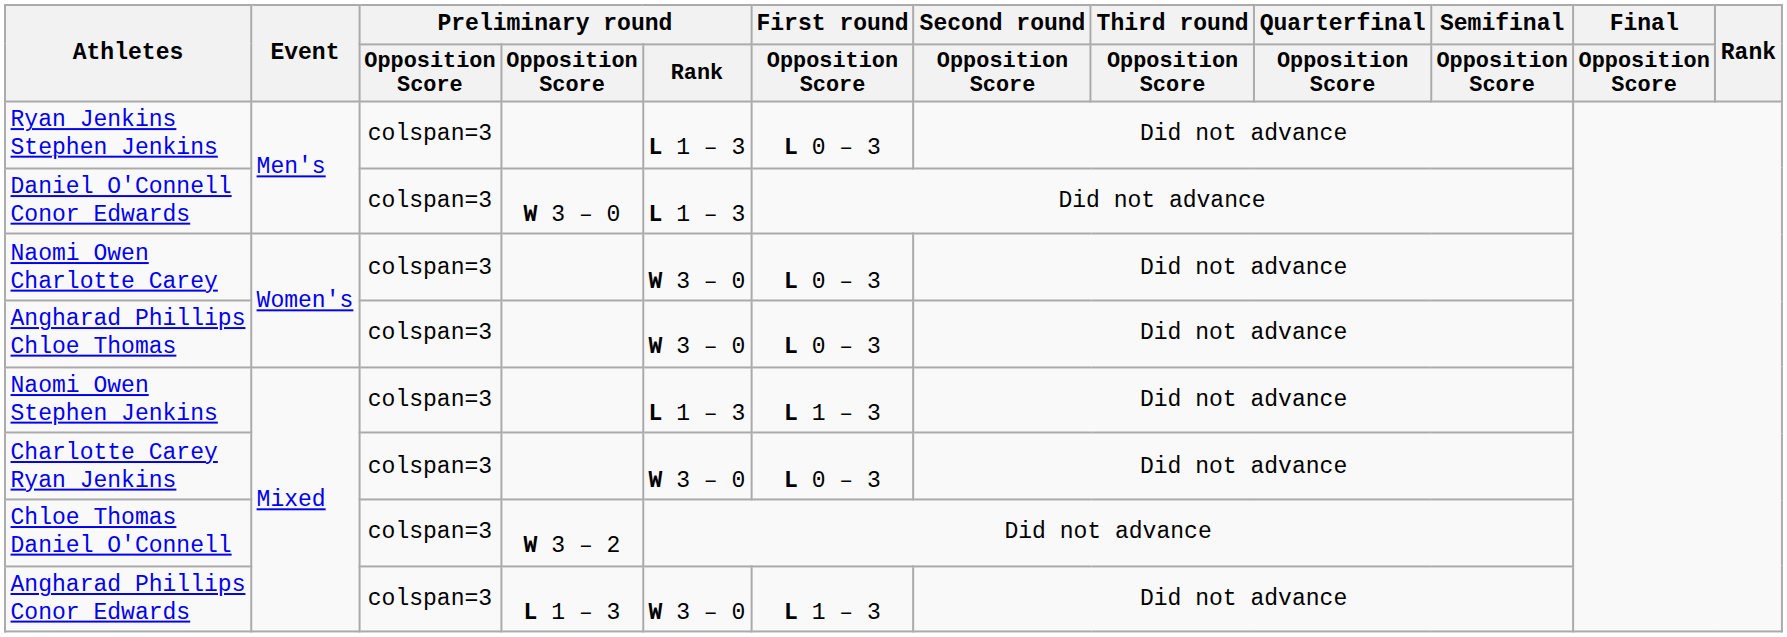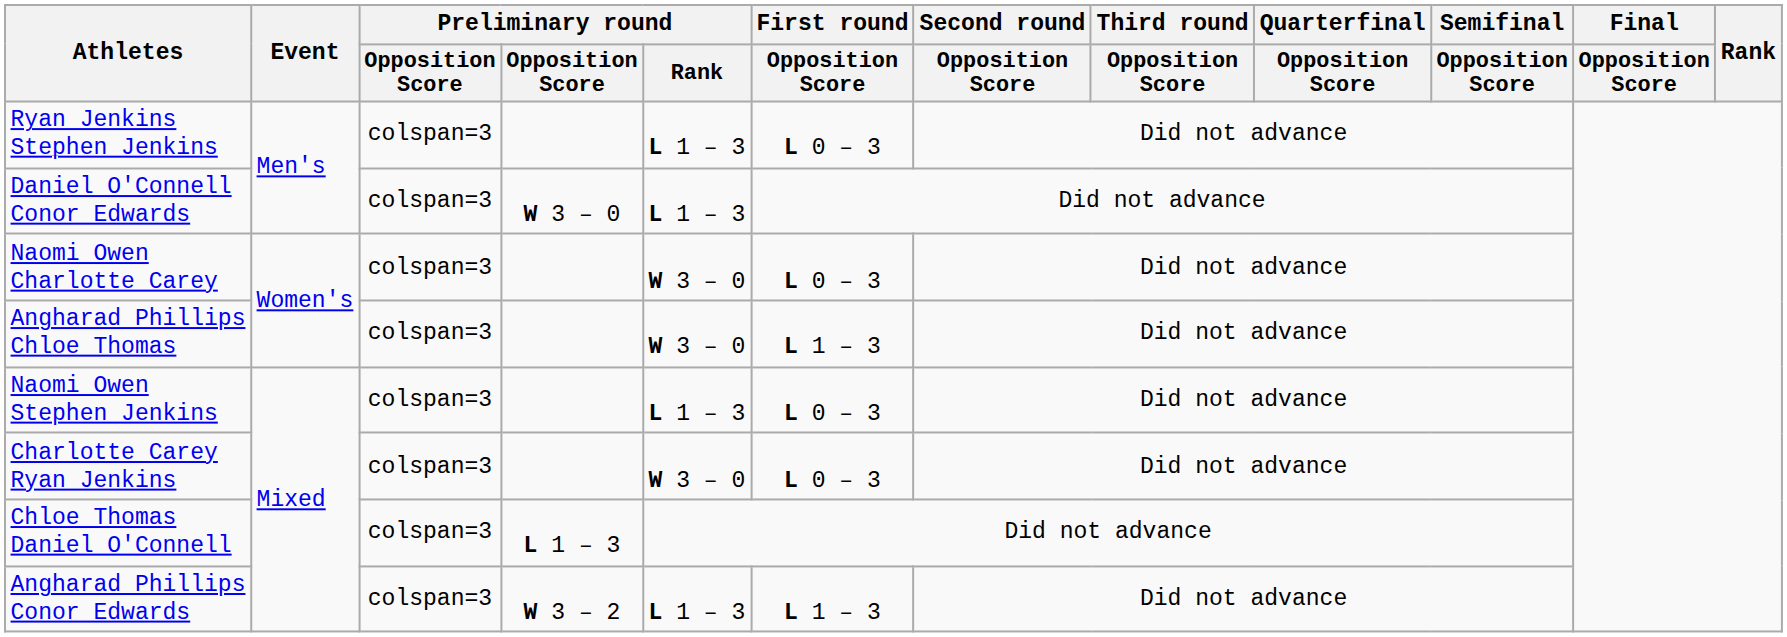 <table class="wikitable" style="font-size:90%">
 <tr>
 <th rowspan=2>Athletes</th>
 <th rowspan=2>Event</th>
 <th colspan=3>Preliminary round</th>
 <th>First round</th>
 <th>Second round</th>
 <th>Third round</th>
 <th>Quarterfinal</th>
 <th>Semifinal</th>
 <th>Final</th>
 <th rowspan=2>Rank</th>
 </tr>
 <tr style="font-size:95%">
 <th>Opposition<br>Score</th>
 <th>Opposition<br>Score</th>
 <th>Rank</th>
 <th>Opposition<br>Score</th>
 <th>Opposition<br>Score</th>
 <th>Opposition<br>Score</th>
 <th>Opposition<br>Score</th>
 <th>Opposition<br>Score</th>
 <th>Opposition<br>Score</th>
 </tr>
 <tr align=center>
 <td align=left><a href='#'>Ryan Jenkins</a><br><a href='#'>Stephen Jenkins</a></td>
 <td align=left rowspan=2><a href='#'>Men's</a></td>
 <td>colspan=3 </td>
 <td></td>
 <td><br><strong>L</strong> 1 – 3</td>
 <td><br><strong>L</strong> 0 – 3</td>
 <td colspan=4>Did not advance</td>
 </tr>
 <tr align=center>
 <td align=left><a href='#'>Daniel O'Connell</a><br><a href='#'>Conor Edwards</a></td>
 <td>colspan=3 </td>
 <td><br><strong>W</strong> 3 – 0</td>
 <td><br><strong>L</strong> 1 – 3</td>
 <td colspan=5>Did not advance</td>
 </tr>
 <tr align=center>
 <td align=left><a href='#'>Naomi Owen</a><br><a href='#'>Charlotte Carey</a></td>
 <td align=left rowspan=2><a href='#'>Women's</a></td>
 <td>colspan=3 </td>
 <td></td>
 <td><br><strong>W</strong> 3 – 0</td>
 <td><br><strong>L</strong> 0 – 3</td>
 <td colspan=4>Did not advance</td>
 </tr>
 <tr align=center>
 <td align=left><a href='#'>Angharad Phillips</a><br><a href='#'>Chloe Thomas</a></td>
 <td>colspan=3 </td>
 <td></td>
 <td><br><strong>W</strong> 3 – 0</td>
-<td><br><strong>L</strong> 0 – 3</td>
+<td><br><strong>L</strong> 1 – 3</td>
 <td colspan=4>Did not advance</td>
 </tr>
 <tr align=center>
 <td align=left><a href='#'>Naomi Owen</a><br><a href='#'>Stephen Jenkins</a></td>
 <td align=left rowspan=4><a href='#'>Mixed</a></td>
 <td>colspan=3 </td>
 <td></td>
 <td><br><strong>L</strong> 1 – 3</td>
-<td><br><strong>L</strong> 1 – 3</td>
+<td><br><strong>L</strong> 0 – 3</td>
 <td colspan=4>Did not advance</td>
 </tr>
 <tr align=center>
 <td align=left><a href='#'>Charlotte Carey</a><br><a href='#'>Ryan Jenkins</a></td>
 <td>colspan=3 </td>
 <td></td>
 <td><br><strong>W</strong> 3 – 0</td>
 <td><br><strong>L</strong> 0 – 3</td>
 <td colspan=4>Did not advance</td>
 </tr>
 <tr align=center>
 <td align=left><a href='#'>Chloe Thomas</a><br><a href='#'>Daniel O'Connell</a></td>
 <td>colspan=3 </td>
-<td><br><strong>W</strong> 3 – 2</td>
+<td><br><strong>L</strong> 1 – 3</td>
 <td colspan=6>Did not advance</td>
 </tr>
 <tr align=center>
 <td align=left><a href='#'>Angharad Phillips</a><br><a href='#'>Conor Edwards</a></td>
 <td>colspan=3 </td>
+<td><br><strong>W</strong> 3 – 2</td>
 <td><br><strong>L</strong> 1 – 3</td>
-<td><br><strong>W</strong> 3 – 0</td>
 <td><br><strong>L</strong> 1 – 3</td>
 <td colspan=4>Did not advance</td>
 </tr>
 </table>
